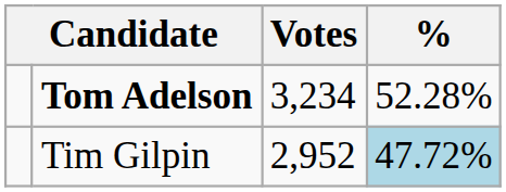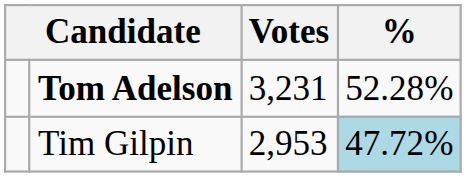 <table class="wikitable">
 <tr>
 <th colspan="2" rowspan="1" align="center" valign="top"><strong>Candidate</strong></th>
 <th valign="top"><strong>Votes</strong></th>
 <th valign="top"><strong>%</strong></th>
 </tr>
 <tr>
 <td style="background-color:"> </td>
 <td><strong>Tom Adelson</strong></td>
-<td>3,234</td>
+<td>3,231</td>
 <td>52.28%</td>
 </tr>
 <tr>
 <td style="background-color:"> </td>
 <td>Tim Gilpin</td>
-<td>2,952</td>
+<td>2,953</td>
 <td style="background: lightblue;">47.72%</td>
 </tr>
 </table>
